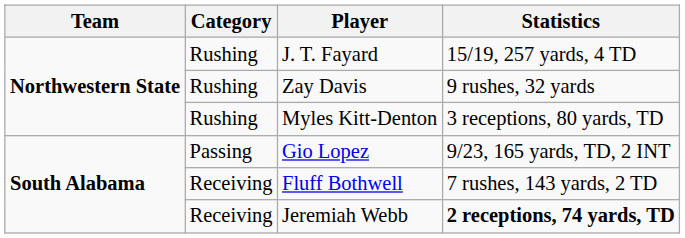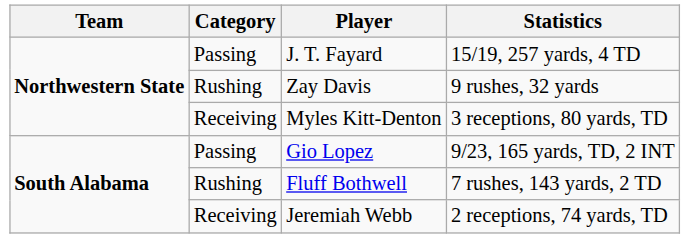 <table class="wikitable" style="float: right;">
 <tr>
 <th>Team</th>
 <th>Category</th>
 <th>Player</th>
 <th>Statistics</th>
 </tr>
 <tr>
 <td rowspan=3><strong>Northwestern State</strong></td>
-<td>Rushing</td>
+<td>Passing</td>
 <td>J. T. Fayard</td>
 <td>15/19, 257 yards, 4 TD</td>
 </tr>
 <tr>
 <td>Rushing</td>
 <td>Zay Davis</td>
 <td>9 rushes, 32 yards</td>
 </tr>
 <tr>
-<td>Rushing</td>
+<td>Receiving</td>
 <td>Myles Kitt-Denton</td>
 <td>3 receptions, 80 yards, TD</td>
 </tr>
 <tr>
 <td rowspan=3><strong>South Alabama</strong></td>
 <td>Passing</td>
 <td><a href='#'>Gio Lopez</a></td>
 <td>9/23, 165 yards, TD, 2 INT</td>
 </tr>
 <tr>
-<td>Receiving</td>
+<td>Rushing</td>
 <td><a href='#'>Fluff Bothwell</a></td>
 <td>7 rushes, 143 yards, 2 TD</td>
 </tr>
 <tr>
 <td>Receiving</td>
 <td>Jeremiah Webb</td>
-<td><strong>2 receptions, 74 yards, TD</strong></td>
+<td>2 receptions, 74 yards, TD</td>
 </tr>
 </table>
